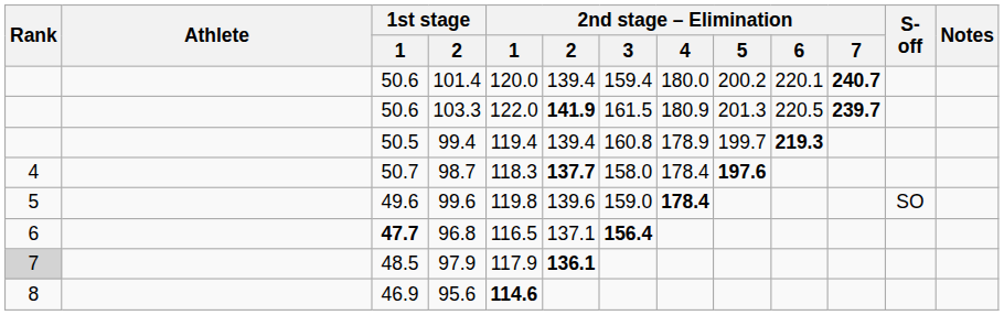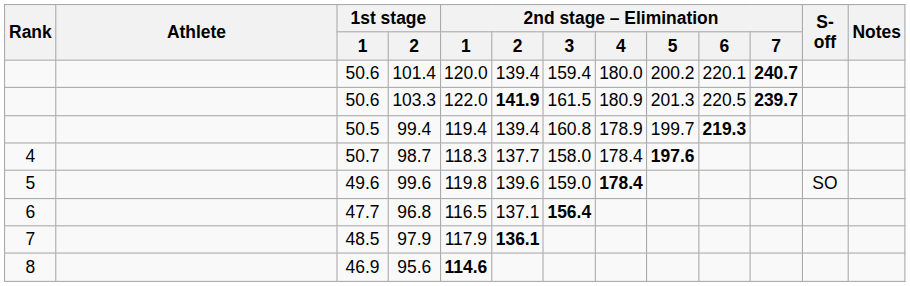 <table class="wikitable" style="text-align:center">
 <tr>
 <th rowspan=2 width=40>Rank</th>
 <th rowspan=2 width=250>Athlete</th>
 <th colspan=2>1st stage</th>
 <th colspan=7>2nd stage – Elimination</th>
 <th rowspan=2 width=35>S-off</th>
 <th rowspan=2 width=45>Notes</th>
 </tr>
 <tr>
 <th width=40>1</th>
 <th width=40>2</th>
 <th width=40>1</th>
 <th width=40>2</th>
 <th width=40>3</th>
 <th width=40>4</th>
 <th width=40>5</th>
 <th width=40>6</th>
 <th width=40>7</th>
 </tr>
 <tr>
 <td></td>
 <td align=left></td>
 <td>50.6</td>
 <td>101.4</td>
 <td>120.0</td>
 <td>139.4</td>
 <td>159.4</td>
 <td>180.0</td>
 <td>200.2</td>
 <td>220.1</td>
 <td><strong>240.7</strong></td>
 <td></td>
 <td></td>
 </tr>
 <tr>
 <td></td>
 <td align=left></td>
 <td>50.6</td>
 <td>103.3</td>
 <td>122.0</td>
 <td><strong>141.9</strong></td>
 <td>161.5</td>
 <td>180.9</td>
 <td>201.3</td>
 <td>220.5</td>
 <td><strong>239.7</strong></td>
 <td></td>
 <td></td>
 </tr>
 <tr>
 <td></td>
 <td align=left></td>
 <td>50.5</td>
 <td>99.4</td>
 <td>119.4</td>
 <td>139.4</td>
 <td>160.8</td>
 <td>178.9</td>
 <td>199.7</td>
 <td><strong>219.3</strong></td>
 <td></td>
 <td></td>
 <td></td>
 </tr>
 <tr>
 <td>4</td>
 <td align=left></td>
 <td>50.7</td>
 <td>98.7</td>
 <td>118.3</td>
-<td><strong>137.7</strong></td>
+<td>137.7</td>
 <td>158.0</td>
 <td>178.4</td>
 <td><strong>197.6</strong></td>
 <td></td>
 <td></td>
 <td></td>
 <td></td>
 </tr>
 <tr>
 <td>5</td>
 <td align=left></td>
 <td>49.6</td>
 <td>99.6</td>
 <td>119.8</td>
 <td>139.6</td>
 <td>159.0</td>
 <td><strong>178.4</strong></td>
 <td></td>
 <td></td>
 <td></td>
 <td>SO</td>
 <td></td>
 </tr>
 <tr>
 <td>6</td>
 <td align=left></td>
-<td><strong>47.7</strong></td>
+<td>47.7</td>
 <td>96.8</td>
 <td>116.5</td>
 <td>137.1</td>
 <td><strong>156.4</strong></td>
 <td></td>
 <td></td>
 <td></td>
 <td></td>
 <td></td>
 <td></td>
 </tr>
 <tr>
-<td style="background: lightgrey;">7</td>
+<td>7</td>
 <td align=left></td>
 <td>48.5</td>
 <td>97.9</td>
 <td>117.9</td>
 <td><strong>136.1</strong></td>
 <td></td>
 <td></td>
 <td></td>
 <td></td>
 <td></td>
 <td></td>
 <td></td>
 </tr>
 <tr>
 <td>8</td>
 <td align=left></td>
 <td>46.9</td>
 <td>95.6</td>
 <td><strong>114.6</strong></td>
 <td></td>
 <td></td>
 <td></td>
 <td></td>
 <td></td>
 <td></td>
 <td></td>
 <td></td>
 </tr>
 </table>
